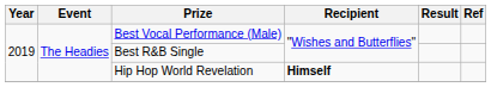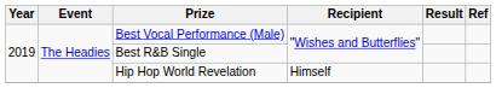 <table class ="wikitable">
 <tr>
 <th>Year</th>
 <th>Event</th>
 <th>Prize</th>
 <th>Recipient</th>
 <th>Result</th>
 <th>Ref</th>
 </tr>
 <tr>
 <td rowspan="3">2019</td>
 <td rowspan="3"><a href='#'>The Headies</a></td>
 <td><a href='#'>Best Vocal Performance (Male)</a></td>
 <td rowspan="2">"<a href='#'>Wishes and Butterflies</a>"</td>
 <td></td>
 <td></td>
 </tr>
 <tr>
 <td>Best R&B Single</td>
 <td></td>
 <td></td>
 </tr>
 <tr>
 <td>Hip Hop World Revelation</td>
-<td><strong>Himself</strong></td>
+<td>Himself</td>
 <td></td>
 <td></td>
 </tr>
 <tr>
 </tr>
 </table>
